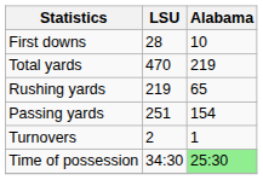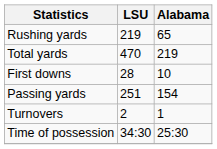 <table class="wikitable" style="float: left;">
 <tr>
 <th>Statistics</th>
 <th>LSU</th>
 <th>Alabama</th>
 </tr>
 <tr>
-<td>First downs</td>
-<td>28</td>
-<td>10</td>
+<td>Rushing yards</td>
+<td>219</td>
+<td>65</td>
 </tr>
 <tr>
 <td>Total yards</td>
 <td>470</td>
 <td>219</td>
 </tr>
 <tr>
-<td>Rushing yards</td>
-<td>219</td>
-<td>65</td>
+<td>First downs</td>
+<td>28</td>
+<td>10</td>
 </tr>
 <tr>
 <td>Passing yards</td>
 <td>251</td>
 <td>154</td>
 </tr>
 <tr>
 <td>Turnovers</td>
 <td>2</td>
 <td>1</td>
 </tr>
 <tr>
 <td>Time of possession</td>
 <td>34:30</td>
-<td style="background: lightgreen;">25:30</td>
+<td>25:30</td>
 </tr>
 <tr>
 </tr>
 </table>
